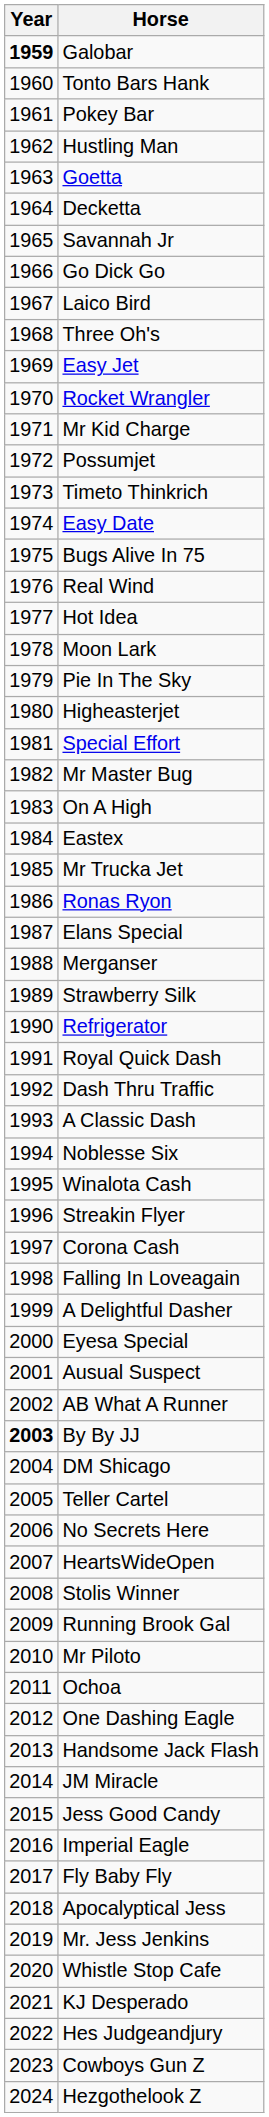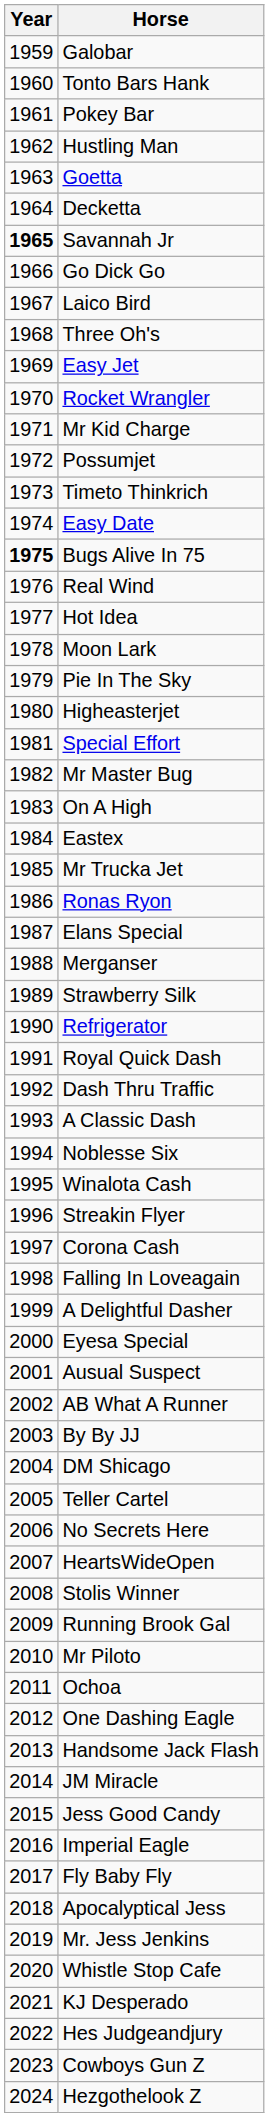 <table class="wikitable">
 <tr>
 <th>Year</th>
 <th>Horse</th>
 </tr>
 <tr>
-<td><strong>1959</strong></td>
+<td>1959</td>
 <td>Galobar</td>
 </tr>
 <tr>
 <td>1960</td>
 <td>Tonto Bars Hank</td>
 </tr>
 <tr>
 <td>1961</td>
 <td>Pokey Bar</td>
 </tr>
 <tr>
 <td>1962</td>
 <td>Hustling Man</td>
 </tr>
 <tr>
 <td>1963</td>
 <td><a href='#'>Goetta</a></td>
 </tr>
 <tr>
 <td>1964</td>
 <td>Decketta</td>
 </tr>
 <tr>
-<td>1965</td>
+<td><strong>1965</strong></td>
 <td>Savannah Jr</td>
 </tr>
 <tr>
 <td>1966</td>
 <td>Go Dick Go</td>
 </tr>
 <tr>
 <td>1967</td>
 <td>Laico Bird</td>
 </tr>
 <tr>
 <td>1968</td>
 <td>Three Oh's</td>
 </tr>
 <tr>
 <td>1969</td>
 <td><a href='#'>Easy Jet</a></td>
 </tr>
 <tr>
 <td>1970</td>
 <td><a href='#'>Rocket Wrangler</a></td>
 </tr>
 <tr>
 <td>1971</td>
 <td>Mr Kid Charge</td>
 </tr>
 <tr>
 <td>1972</td>
 <td>Possumjet</td>
 </tr>
 <tr>
 <td>1973</td>
 <td>Timeto Thinkrich</td>
 </tr>
 <tr>
 <td>1974</td>
 <td><a href='#'>Easy Date</a></td>
 </tr>
 <tr>
-<td>1975</td>
+<td><strong>1975</strong></td>
 <td>Bugs Alive In 75</td>
 </tr>
 <tr>
 <td>1976</td>
 <td>Real Wind</td>
 </tr>
 <tr>
 <td>1977</td>
 <td>Hot Idea</td>
 </tr>
 <tr>
 <td>1978</td>
 <td>Moon Lark</td>
 </tr>
 <tr>
 <td>1979</td>
 <td>Pie In The Sky</td>
 </tr>
 <tr>
 <td>1980</td>
 <td>Higheasterjet</td>
 </tr>
 <tr>
 <td>1981</td>
 <td><a href='#'>Special Effort</a></td>
 </tr>
 <tr>
 <td>1982</td>
 <td>Mr Master Bug</td>
 </tr>
 <tr>
 <td>1983</td>
 <td>On A High</td>
 </tr>
 <tr>
 <td>1984</td>
 <td>Eastex</td>
 </tr>
 <tr>
 <td>1985</td>
 <td>Mr Trucka Jet</td>
 </tr>
 <tr>
 <td>1986</td>
 <td><a href='#'>Ronas Ryon</a></td>
 </tr>
 <tr>
 <td>1987</td>
 <td>Elans Special</td>
 </tr>
 <tr>
 <td>1988</td>
 <td>Merganser</td>
 </tr>
 <tr>
 <td>1989</td>
 <td>Strawberry Silk</td>
 </tr>
 <tr>
 <td>1990</td>
 <td><a href='#'>Refrigerator</a></td>
 </tr>
 <tr>
 <td>1991</td>
 <td>Royal Quick Dash</td>
 </tr>
 <tr>
 <td>1992</td>
 <td>Dash Thru Traffic</td>
 </tr>
 <tr>
 <td>1993</td>
 <td>A Classic Dash</td>
 </tr>
 <tr>
 <td>1994</td>
 <td>Noblesse Six</td>
 </tr>
 <tr>
 <td>1995</td>
 <td>Winalota Cash</td>
 </tr>
 <tr>
 <td>1996</td>
 <td>Streakin Flyer</td>
 </tr>
 <tr>
 <td>1997</td>
 <td>Corona Cash</td>
 </tr>
 <tr>
 <td>1998</td>
 <td>Falling In Loveagain</td>
 </tr>
 <tr>
 <td>1999</td>
 <td>A Delightful Dasher</td>
 </tr>
 <tr>
 <td>2000</td>
 <td>Eyesa Special</td>
 </tr>
 <tr>
 <td>2001</td>
 <td>Ausual Suspect</td>
 </tr>
 <tr>
 <td>2002</td>
 <td>AB What A Runner</td>
 </tr>
 <tr>
-<td><strong>2003</strong></td>
+<td>2003</td>
 <td>By By JJ</td>
 </tr>
 <tr>
 <td>2004</td>
 <td>DM Shicago</td>
 </tr>
 <tr>
 <td>2005</td>
 <td>Teller Cartel</td>
 </tr>
 <tr>
 <td>2006</td>
 <td>No Secrets Here</td>
 </tr>
 <tr>
 <td>2007</td>
 <td>HeartsWideOpen</td>
 </tr>
 <tr>
 <td>2008</td>
 <td>Stolis Winner</td>
 </tr>
 <tr>
 <td>2009</td>
 <td>Running Brook Gal</td>
 </tr>
 <tr>
 <td>2010</td>
 <td>Mr Piloto</td>
 </tr>
 <tr>
 <td>2011</td>
 <td>Ochoa</td>
 </tr>
 <tr>
 <td>2012</td>
 <td>One Dashing Eagle</td>
 </tr>
 <tr>
 <td>2013</td>
 <td>Handsome Jack Flash</td>
 </tr>
 <tr>
 <td>2014</td>
 <td>JM Miracle</td>
 </tr>
 <tr>
 <td>2015</td>
 <td>Jess Good Candy</td>
 </tr>
 <tr>
 <td>2016</td>
 <td>Imperial Eagle</td>
 </tr>
 <tr>
 <td>2017</td>
 <td>Fly Baby Fly</td>
 </tr>
 <tr>
 <td>2018</td>
 <td>Apocalyptical Jess</td>
 </tr>
 <tr>
 <td>2019</td>
 <td>Mr. Jess Jenkins</td>
 </tr>
 <tr>
 <td>2020</td>
 <td>Whistle Stop Cafe</td>
 </tr>
 <tr>
 <td>2021</td>
 <td>KJ Desperado</td>
 </tr>
 <tr>
 <td>2022</td>
 <td>Hes Judgeandjury</td>
 </tr>
 <tr>
 <td>2023</td>
 <td>Cowboys Gun Z</td>
 </tr>
 <tr>
 <td>2024</td>
 <td>Hezgothelook Z</td>
 </tr>
 </table>
